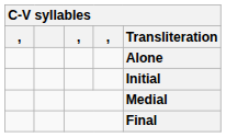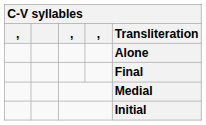 <table class="wikitable" style="text-align: center; display: inline-table;">
 <tr>
 <th colspan="5" style="text-align: left">C-V syllables</th>
 </tr>
 <tr>
 <th style="min-width: 1.75em">, </th>
 <th style="min-width: 1.75em"></th>
 <th style="min-width: 1.75em">, </th>
 <th style="min-width: 1.75em">, </th>
 <th style="text-align: left">Transliteration</th>
 </tr>
 <tr>
 <td></td>
 <td></td>
 <td></td>
 <td></td>
 <th style="text-align: left">Alone</th>
 </tr>
 <tr>
 <td></td>
 <td></td>
 <td></td>
 <td></td>
-<th style="text-align: left">Initial</th>
+<th style="text-align: left">Final</th>
 </tr>
 <tr>
 <td></td>
 <td></td>
 <td colspan="2"></td>
 <th style="text-align: left">Medial</th>
 </tr>
 <tr>
 <td></td>
 <td></td>
 <td colspan="2"></td>
-<th style="text-align: left">Final</th>
+<th style="text-align: left">Initial</th>
 </tr>
 </table>
